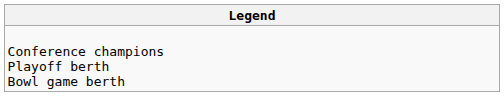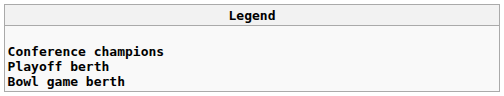 <table class="wikitable" width="25%" style="margin: 0 auto;">
 <tr>
 <th colspan=2>Legend</th>
 </tr>
 <tr>
-<td><br> Conference champions<br>  Playoff berth<br>  Bowl game berth<br></td>
+<td><strong><br> Conference champions<br>  Playoff berth<br>  Bowl game berth<br></strong></td>
 </tr>
 </table>
